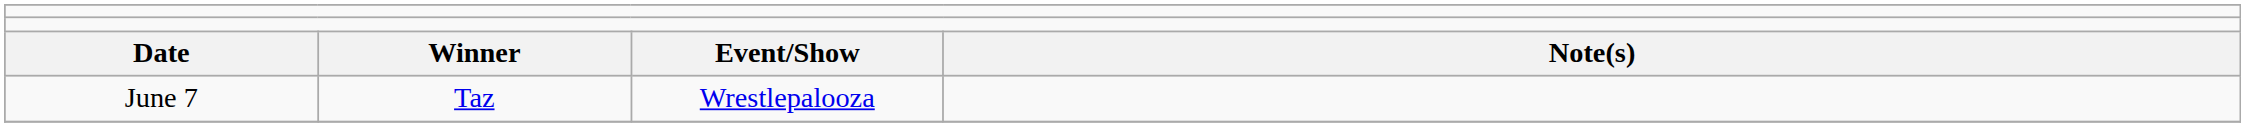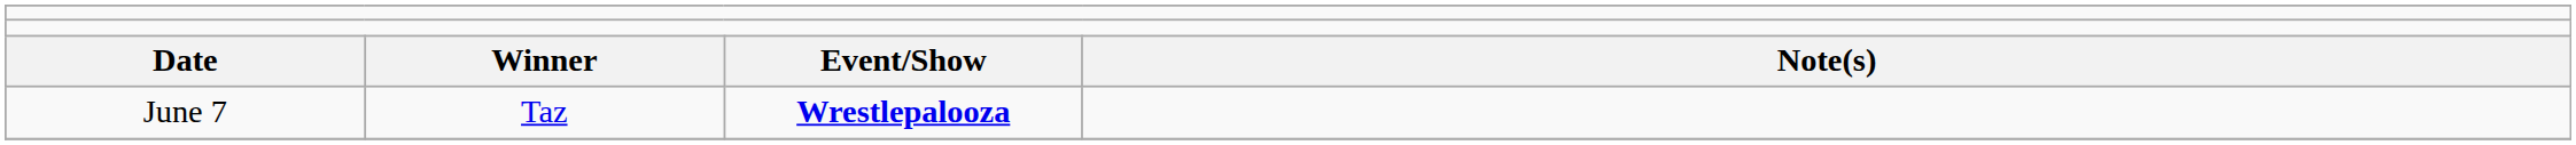 <table class="wikitable" style="text-align:center; width:100%;">
 <tr>
 <td colspan="5"></td>
 </tr>
 <tr>
 <td colspan="5"><strong></strong></td>
 </tr>
 <tr>
 <th width=14%>Date</th>
 <th width=14%>Winner</th>
 <th width=14%>Event/Show</th>
 <th width=58%>Note(s)</th>
 </tr>
 <tr>
 <td>June 7</td>
 <td><a href='#'>Taz</a></td>
-<td><a href='#'>Wrestlepalooza</a></td>
+<td><strong><a href='#'>Wrestlepalooza</a></strong></td>
 <td align=left></td>
 </tr>
 <tr>
 </tr>
 </table>
